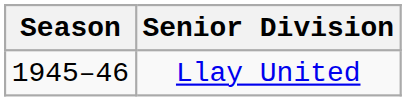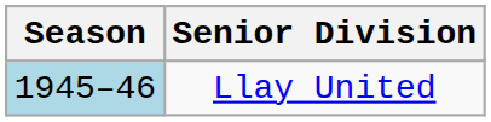 <table class="wikitable" style="text-align: center">
 <tr>
 <th>Season</th>
 <th>Senior Division</th>
 </tr>
 <tr>
-<td>1945–46</td>
+<td style="background: lightblue;">1945–46</td>
 <td><a href='#'>Llay United</a></td>
 </tr>
 </table>
